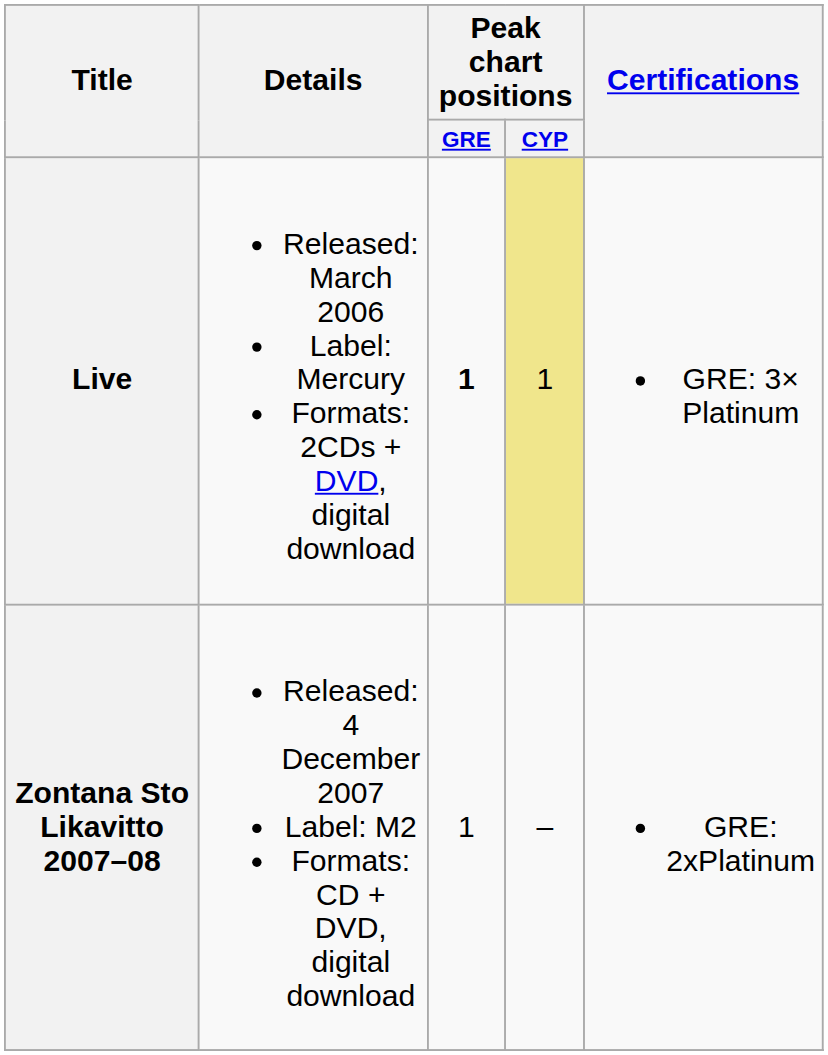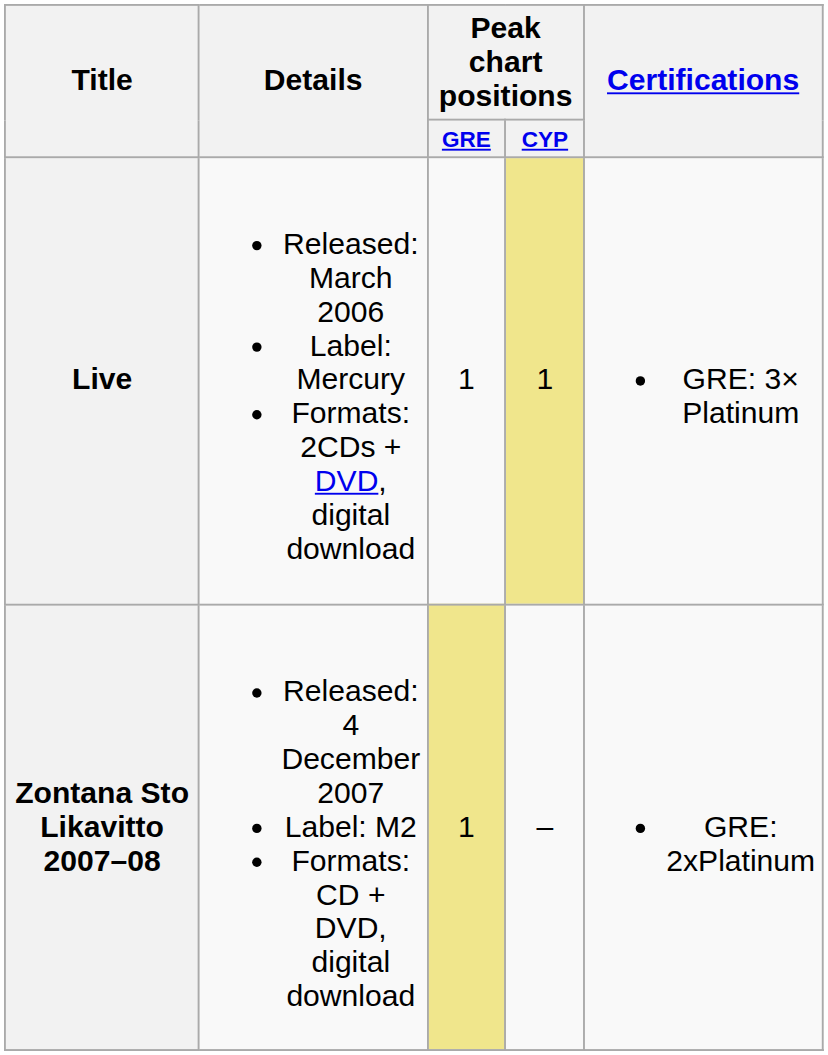 <table class="wikitable plainrowheaders" style="text-align:center;">
 <tr>
 <th scope="col" rowspan="2" style="width:6em;">Title</th>
 <th scope="col" rowspan="2" style="width:6em;">Details</th>
 <th scope="col" colspan="2">Peak chart positions</th>
 <th scope="col" rowspan="2" style="width:6em;"><a href='#'>Certifications</a></th>
 </tr>
 <tr>
 <th style="width:3em;font-size:75%"><a href='#'>GRE</a></th>
 <th style="width:3em;font-size:75%"><a href='#'>CYP</a></th>
 </tr>
 <tr>
 <th scope="row">Live</th>
 <td><br><ul><li>Released: March 2006</li><li>Label: Mercury</li><li>Formats: 2CDs + <a href='#'>DVD</a>, digital download</li></ul></td>
-<td><strong>1</strong></td>
+<td>1</td>
 <td style="background: khaki;">1</td>
 <td><br><ul><li>GRE: 3× Platinum</li></ul></td>
 </tr>
 <tr>
 <th scope="row">Zontana Sto Likavitto 2007–08</th>
 <td><br><ul><li>Released: 4 December 2007</li><li>Label: M2</li><li>Formats: CD + DVD, digital download</li></ul></td>
-<td>1</td>
+<td style="background: khaki;">1</td>
 <td>–</td>
 <td><br><ul><li>GRE: 2xPlatinum</li></ul></td>
 </tr>
 <tr>
 </tr>
 </table>
